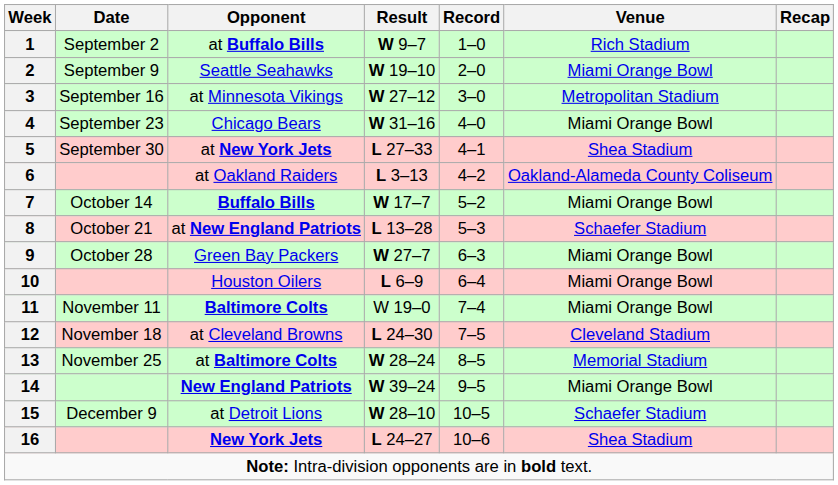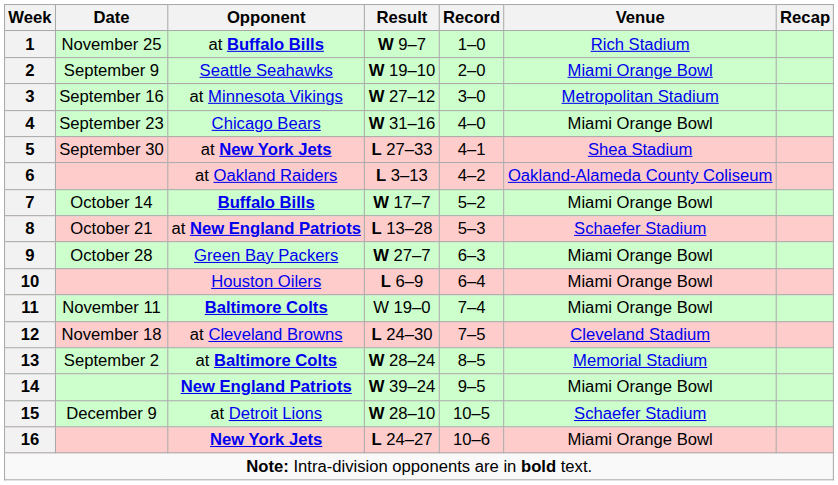 <table class="wikitable" style="text-align:center">
 <tr>
 <th>Week</th>
 <th>Date</th>
 <th>Opponent</th>
 <th>Result</th>
 <th>Record</th>
 <th>Venue</th>
 <th>Recap</th>
 </tr>
 <tr style="background:#cfc">
 <th>1</th>
-<td>September 2</td>
+<td>November 25</td>
 <td>at <strong><a href='#'>Buffalo Bills</a></strong></td>
 <td><strong>W</strong> 9–7</td>
 <td>1–0</td>
 <td><a href='#'>Rich Stadium</a></td>
 <td></td>
 </tr>
 <tr style="background:#cfc">
 <th>2</th>
 <td>September 9</td>
 <td><a href='#'>Seattle Seahawks</a></td>
 <td><strong>W</strong> 19–10</td>
 <td>2–0</td>
 <td><a href='#'>Miami Orange Bowl</a></td>
 <td></td>
 </tr>
 <tr style="background:#cfc">
 <th>3</th>
 <td>September 16</td>
 <td>at <a href='#'>Minnesota Vikings</a></td>
 <td><strong>W</strong> 27–12</td>
 <td>3–0</td>
 <td><a href='#'>Metropolitan Stadium</a></td>
 <td></td>
 </tr>
 <tr style="background:#cfc">
 <th>4</th>
 <td>September 23</td>
 <td><a href='#'>Chicago Bears</a></td>
 <td><strong>W</strong> 31–16</td>
 <td>4–0</td>
 <td>Miami Orange Bowl</td>
 <td></td>
 </tr>
 <tr style="background:#fcc">
 <th>5</th>
 <td>September 30</td>
 <td>at <strong><a href='#'>New York Jets</a></strong></td>
 <td><strong>L</strong> 27–33</td>
 <td>4–1</td>
 <td><a href='#'>Shea Stadium</a></td>
 <td></td>
 </tr>
 <tr style="background:#fcc">
 <th>6</th>
 <td></td>
 <td>at <a href='#'>Oakland Raiders</a></td>
 <td><strong>L</strong> 3–13</td>
 <td>4–2</td>
 <td><a href='#'>Oakland-Alameda County Coliseum</a></td>
 <td></td>
 </tr>
 <tr style="background:#cfc">
 <th>7</th>
 <td>October 14</td>
 <td><strong><a href='#'>Buffalo Bills</a></strong></td>
 <td><strong>W</strong> 17–7</td>
 <td>5–2</td>
 <td>Miami Orange Bowl</td>
 <td></td>
 </tr>
 <tr style="background:#fcc">
 <th>8</th>
 <td>October 21</td>
 <td>at <strong><a href='#'>New England Patriots</a></strong></td>
 <td><strong>L</strong> 13–28</td>
 <td>5–3</td>
 <td><a href='#'>Schaefer Stadium</a></td>
 <td></td>
 </tr>
 <tr style="background:#cfc">
 <th>9</th>
 <td>October 28</td>
 <td><a href='#'>Green Bay Packers</a></td>
 <td><strong>W</strong> 27–7</td>
 <td>6–3</td>
 <td>Miami Orange Bowl</td>
 <td></td>
 </tr>
 <tr style="background:#fcc">
 <th>10</th>
 <td></td>
 <td><a href='#'>Houston Oilers</a></td>
 <td><strong>L</strong> 6–9</td>
 <td>6–4</td>
 <td>Miami Orange Bowl</td>
 <td></td>
 </tr>
 <tr style="background:#cfc">
 <th>11</th>
 <td>November 11</td>
 <td><strong><a href='#'>Baltimore Colts</a></strong></td>
 <td>W 19–0</td>
 <td>7–4</td>
 <td>Miami Orange Bowl</td>
 <td></td>
 </tr>
 <tr style="background:#fcc">
 <th>12</th>
 <td>November 18</td>
 <td>at <a href='#'>Cleveland Browns</a></td>
 <td><strong>L</strong> 24–30 </td>
 <td>7–5</td>
 <td><a href='#'>Cleveland Stadium</a></td>
 <td></td>
 </tr>
 <tr style="background:#cfc">
 <th>13</th>
-<td>November 25</td>
+<td>September 2</td>
 <td>at <strong><a href='#'>Baltimore Colts</a></strong></td>
 <td><strong>W</strong> 28–24</td>
 <td>8–5</td>
 <td><a href='#'>Memorial Stadium</a></td>
 <td></td>
 </tr>
 <tr style="background:#cfc">
 <th>14</th>
 <td></td>
 <td><strong><a href='#'>New England Patriots</a></strong></td>
 <td><strong>W</strong> 39–24</td>
 <td>9–5</td>
 <td>Miami Orange Bowl</td>
 <td></td>
 </tr>
 <tr style="background:#cfc">
 <th>15</th>
 <td>December 9</td>
 <td>at <a href='#'>Detroit Lions</a></td>
 <td><strong>W</strong> 28–10</td>
 <td>10–5</td>
 <td><a href='#'>Schaefer Stadium</a></td>
 <td></td>
 </tr>
 <tr style="background:#fcc">
 <th>16</th>
 <td></td>
 <td><strong><a href='#'>New York Jets</a></strong></td>
 <td><strong>L</strong> 24–27</td>
 <td>10–6</td>
-<td><a href='#'>Shea Stadium</a></td>
+<td>Miami Orange Bowl</td>
 <td></td>
 </tr>
 <tr>
 <td colspan="8"><strong>Note:</strong> Intra-division opponents are in <strong>bold</strong> text.</td>
 </tr>
 </table>
